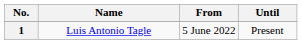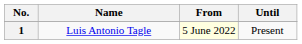 <table class="wikitable" style="font-size:100%; text-align:center;">
 <tr>
 <th scope="col">No.</th>
 <th scope="col" style="border-left:none;">Name</th>
 <th scope="col" style="width:20%;">From</th>
 <th scope="col" style="width:20%;">Until</th>
 </tr>
 <tr>
 </tr>
 <tr>
 <th scope="row">1</th>
 <td><a href='#'>Luis Antonio Tagle</a><br></td>
-<td>5 June 2022</td>
+<td style="background: lightyellow;">5 June 2022</td>
 <td>Present</td>
 </tr>
 </table>
